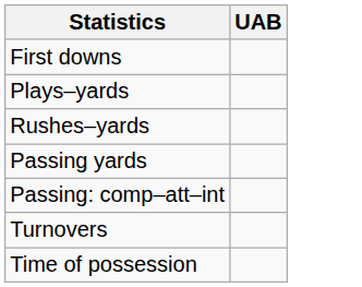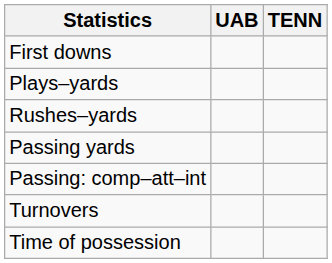 <table class="wikitable" style="float:left">
 <tr>
 <th>Statistics</th>
 <th>UAB</th>
+<th>TENN</th>
 </tr>
 <tr>
 <td>First downs</td>
+<td></td>
 <td></td>
 </tr>
 <tr>
 <td>Plays–yards</td>
 <td></td>
+<td></td>
 </tr>
 <tr>
 <td>Rushes–yards</td>
+<td></td>
 <td></td>
 </tr>
 <tr>
 <td>Passing yards</td>
 <td></td>
+<td></td>
 </tr>
 <tr>
 <td>Passing: comp–att–int</td>
+<td></td>
 <td></td>
 </tr>
 <tr>
 <td>Turnovers</td>
 <td></td>
+<td></td>
 </tr>
 <tr>
 <td>Time of possession</td>
 <td></td>
+<td></td>
 </tr>
 </table>
